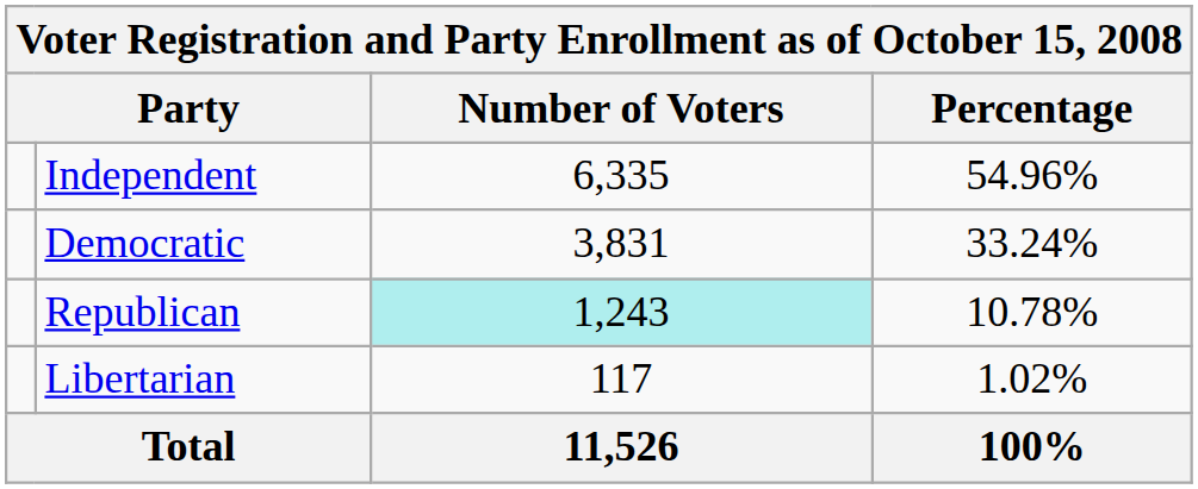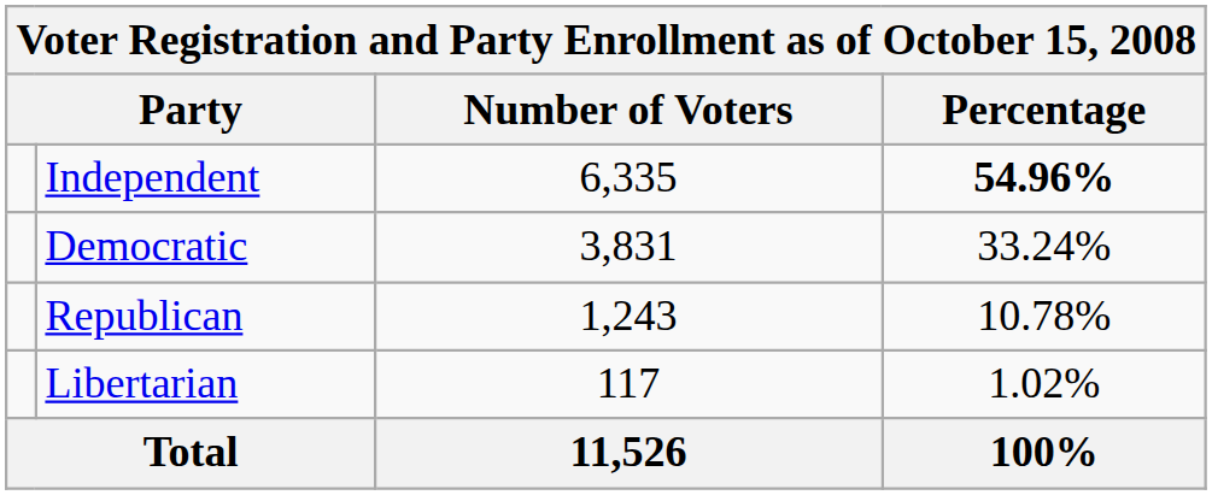 <table class=wikitable>
 <tr>
 <th colspan = 6>Voter Registration and Party Enrollment as of October 15, 2008</th>
 </tr>
 <tr>
 <th colspan = 2>Party</th>
 <th>Number of Voters</th>
 <th>Percentage</th>
 </tr>
 <tr>
 <td></td>
 <td><a href='#'>Independent</a></td>
 <td align = center>6,335</td>
-<td align = center>54.96%</td>
+<td align = center><strong>54.96%</strong></td>
 </tr>
 <tr>
 <td></td>
 <td><a href='#'>Democratic</a></td>
 <td align = center>3,831</td>
 <td align = center>33.24%</td>
 </tr>
 <tr>
 <td></td>
 <td><a href='#'>Republican</a></td>
-<td align = center style="background: paleturquoise;">1,243</td>
+<td align = center>1,243</td>
 <td align = center>10.78%</td>
 </tr>
 <tr>
 <td></td>
 <td><a href='#'>Libertarian</a></td>
 <td align = center>117</td>
 <td align = center>1.02%</td>
 </tr>
 <tr>
 <th colspan = 2>Total</th>
 <th align = center>11,526</th>
 <th align = center>100%</th>
 </tr>
 </table>
